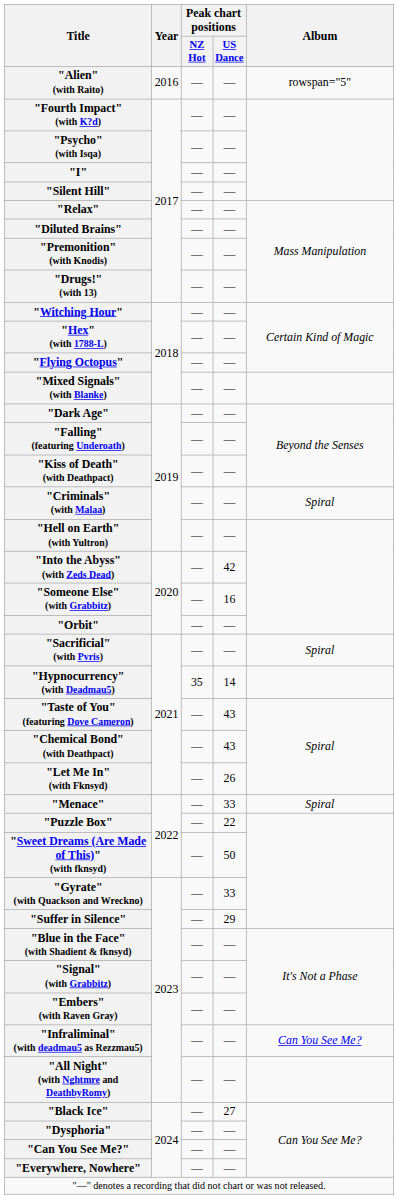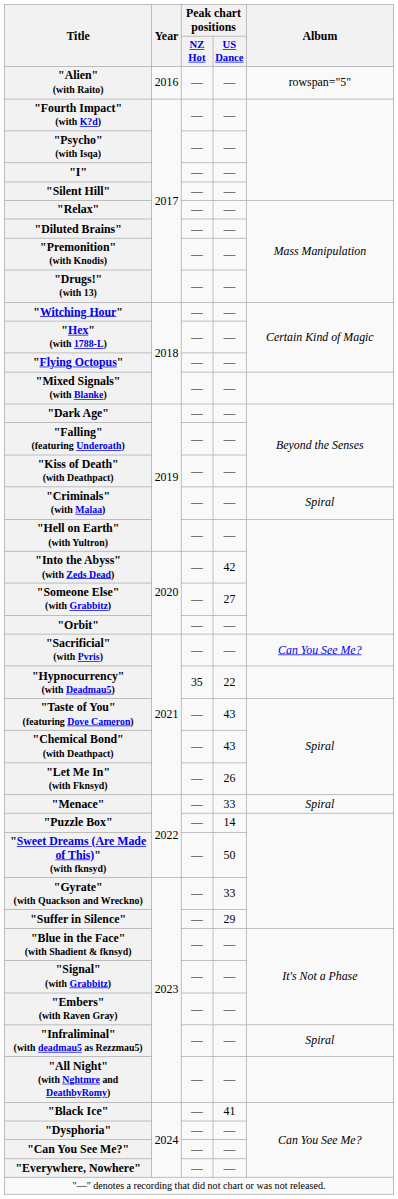 <table class="wikitable plainrowheaders" style="text-align:center;">
 <tr>
 <th rowspan="2" style="width:12em;">Title</th>
 <th rowspan="2">Year</th>
 <th colspan="2">Peak chart positions</th>
 <th rowspan="2" style="width:12em;">Album</th>
 </tr>
 <tr>
 <th scope="col" style="width:2.5em;font-size:90%;"><a href='#'>NZ<br>Hot</a><br></th>
 <th scope="col" style="width:2.5em;font-size:90%;"><a href='#'>US<br>Dance</a><br></th>
 </tr>
 <tr>
 <th scope="row">"Alien" <br><small>(with Raito)</small></th>
 <td>2016</td>
 <td>—</td>
 <td>—</td>
 <td>rowspan="5" </td>
 </tr>
 <tr>
 <th scope="row">"Fourth Impact" <br><small>(with <a href='#'>K?d</a>)</small></th>
 <td rowspan="8">2017</td>
 <td>—</td>
 <td>—</td>
 </tr>
 <tr>
 <th scope="row">"Psycho" <br><small>(with Isqa)</small></th>
 <td>—</td>
 <td>—</td>
 </tr>
 <tr>
 <th scope="row">"I"</th>
 <td>—</td>
 <td>—</td>
 </tr>
 <tr>
 <th scope="row">"Silent Hill"</th>
 <td>—</td>
 <td>—</td>
 </tr>
 <tr>
 <th scope="row">"Relax"</th>
 <td>—</td>
 <td>—</td>
 <td rowspan="4"><em>Mass Manipulation</em></td>
 </tr>
 <tr>
 <th scope="row">"Diluted Brains"</th>
 <td>—</td>
 <td>—</td>
 </tr>
 <tr>
 <th scope="row">"Premonition" <br><small>(with Knodis)</small></th>
 <td>—</td>
 <td>—</td>
 </tr>
 <tr>
 <th scope="row">"Drugs!" <br><small>(with 13)</small></th>
 <td>—</td>
 <td>—</td>
 </tr>
 <tr>
 <th scope="row">"<a href='#'>Witching Hour</a>"</th>
 <td rowspan="4">2018</td>
 <td>—</td>
 <td>—</td>
 <td rowspan="3"><em>Certain Kind of Magic</em></td>
 </tr>
 <tr>
 <th scope="row">"<a href='#'>Hex</a>" <br><small>(with <a href='#'>1788-L</a>)</small></th>
 <td>—</td>
 <td>—</td>
 </tr>
 <tr>
 <th scope="row">"<a href='#'>Flying Octopus</a>"</th>
 <td>—</td>
 <td>—</td>
 </tr>
 <tr>
 <th scope="row">"Mixed Signals" <br><small>(with <a href='#'>Blanke</a>)</small></th>
 <td>—</td>
 <td>—</td>
 <td></td>
 </tr>
 <tr>
 <th scope="row">"Dark Age"</th>
 <td rowspan="5">2019</td>
 <td>—</td>
 <td>—</td>
 <td rowspan="3"><em>Beyond the Senses</em></td>
 </tr>
 <tr>
 <th scope="row">"Falling" <br><small>(featuring <a href='#'>Underoath</a>)</small></th>
 <td>—</td>
 <td>—</td>
 </tr>
 <tr>
 <th scope="row">"Kiss of Death" <br><small>(with Deathpact)</small></th>
 <td>—</td>
 <td>—</td>
 </tr>
 <tr>
 <th scope="row">"Criminals" <br><small>(with <a href='#'>Malaa</a>)</small></th>
 <td>—</td>
 <td>—</td>
 <td><em>Spiral</em></td>
 </tr>
 <tr>
 <th scope="row">"Hell on Earth" <br><small>(with Yultron)</small></th>
 <td>—</td>
 <td>—</td>
 </tr>
 <tr>
 <th scope="row">"Into the Abyss" <br><small>(with <a href='#'>Zeds Dead</a>)</small></th>
 <td rowspan="3">2020</td>
 <td>—</td>
 <td>42</td>
 </tr>
 <tr>
 <th scope="row">"Someone Else" <br><small>(with <a href='#'>Grabbitz</a>)</small></th>
 <td>—</td>
-<td>16</td>
+<td>27</td>
 </tr>
 <tr>
 <th scope="row">"Orbit"</th>
 <td>—</td>
 <td>—</td>
 </tr>
 <tr>
 <th scope="row">"Sacrificial"<br><small>(with <a href='#'>Pvris</a>)</small></th>
 <td rowspan="5">2021</td>
 <td>—</td>
 <td>—</td>
-<td><em>Spiral</em></td>
+<td><em><a href='#'>Can You See Me?</a></em></td>
 </tr>
 <tr>
 <th scope="row">"Hypnocurrency" <br><small>(with <a href='#'>Deadmau5</a>)</small></th>
 <td>35</td>
-<td>14</td>
+<td>22</td>
 <td></td>
 </tr>
 <tr>
 <th scope="row">"Taste of You" <br><small>(featuring <a href='#'>Dove Cameron</a>)</small></th>
 <td>—</td>
 <td>43</td>
 <td rowspan="3"><em>Spiral</em></td>
 </tr>
 <tr>
 <th scope="row">"Chemical Bond" <br><small>(with Deathpact)</small></th>
 <td>—</td>
 <td>43</td>
 </tr>
 <tr>
 <th scope="row">"Let Me In" <br><small>(with Fknsyd)</small></th>
 <td>—</td>
 <td>26</td>
 </tr>
 <tr>
 <th scope="row">"Menace"</th>
 <td rowspan="3">2022</td>
 <td>—</td>
 <td>33</td>
 <td><em>Spiral</em></td>
 </tr>
 <tr>
 <th scope="row">"Puzzle Box"<br></th>
 <td>—</td>
-<td>22</td>
+<td>14</td>
 </tr>
 <tr>
 <th scope="row">"<a href='#'>Sweet Dreams (Are Made of This)</a>"<br><small>(with fknsyd)</small></th>
 <td>—</td>
 <td>50</td>
 </tr>
 <tr>
 <th scope="row">"Gyrate"<br><small>(with Quackson and Wreckno)</small></th>
 <td rowspan="7">2023</td>
 <td>—</td>
 <td>33</td>
 </tr>
 <tr>
 <th scope="row">"Suffer in Silence"</th>
 <td>—</td>
 <td>29</td>
 </tr>
 <tr>
 <th scope="row">"Blue in the Face"<br><small>(with Shadient & fknsyd)</small></th>
 <td>—</td>
 <td>—</td>
 <td rowspan="3"><em>It's Not a Phase</em></td>
 </tr>
 <tr>
 <th scope="row">"Signal"<br><small>(with <a href='#'>Grabbitz</a>)</small></th>
 <td>—</td>
 <td>—</td>
 </tr>
 <tr>
 <th scope="row">"Embers"<br><small>(with Raven Gray)</small></th>
 <td>—</td>
 <td>—</td>
 </tr>
 <tr>
 <th scope="row">"Infraliminal"<br><small>(with <a href='#'>deadmau5</a> as Rezzmau5)</small></th>
 <td>—</td>
 <td>—</td>
-<td><em><a href='#'>Can You See Me?</a></em></td>
+<td><em>Spiral</em></td>
 </tr>
 <tr>
 <th scope="row">"All Night"<br><small>(with <a href='#'>Nghtmre</a> and <a href='#'>DeathbyRomy</a>)</small></th>
 <td>—</td>
 <td>—</td>
 <td></td>
 </tr>
 <tr>
 <th scope="row">"Black Ice"<br></th>
 <td rowspan="4">2024</td>
 <td>—</td>
-<td>27</td>
+<td>41</td>
 <td rowspan="4"><em>Can You See Me?</em></td>
 </tr>
 <tr>
 <th scope="row">"Dysphoria"<br></th>
 <td>—</td>
 <td>—</td>
 </tr>
 <tr>
 <th scope="row">"Can You See Me?"</th>
 <td>—</td>
 <td>—</td>
 </tr>
 <tr>
 <th scope="row">"Everywhere, Nowhere"<br></th>
 <td>—</td>
 <td>—</td>
 </tr>
 <tr>
 <td colspan="5" style="font-size:85%">"—" denotes a recording that did not chart or was not released.</td>
 </tr>
 </table>
